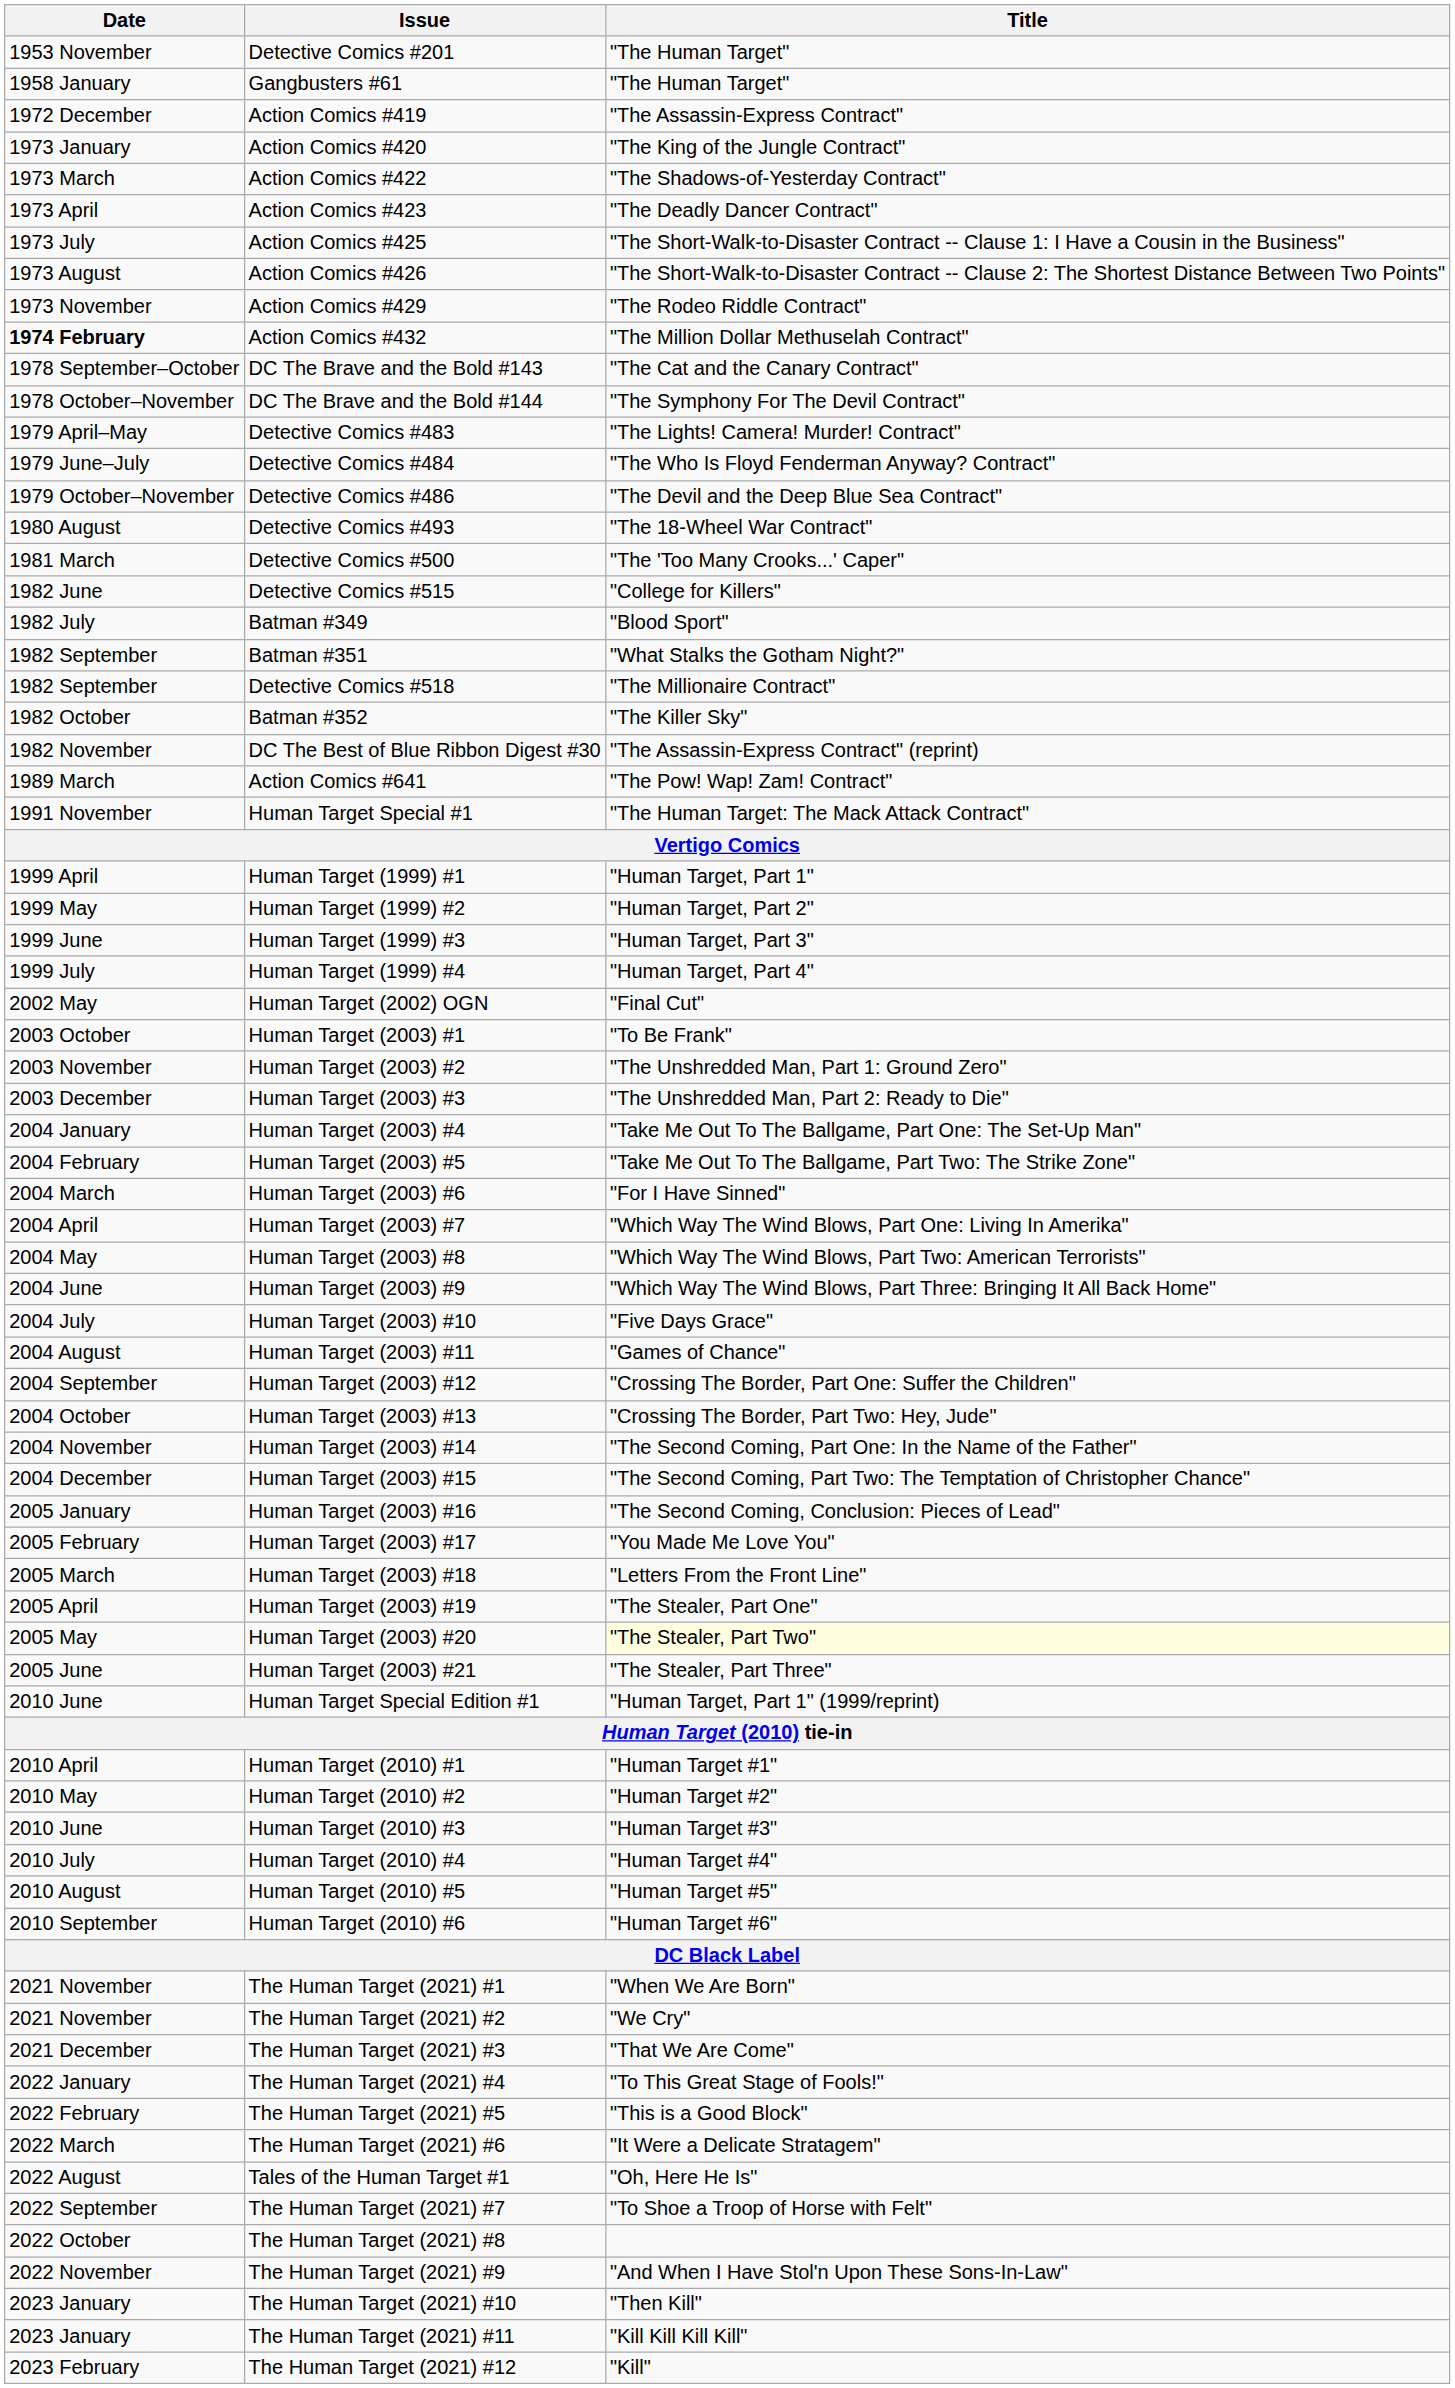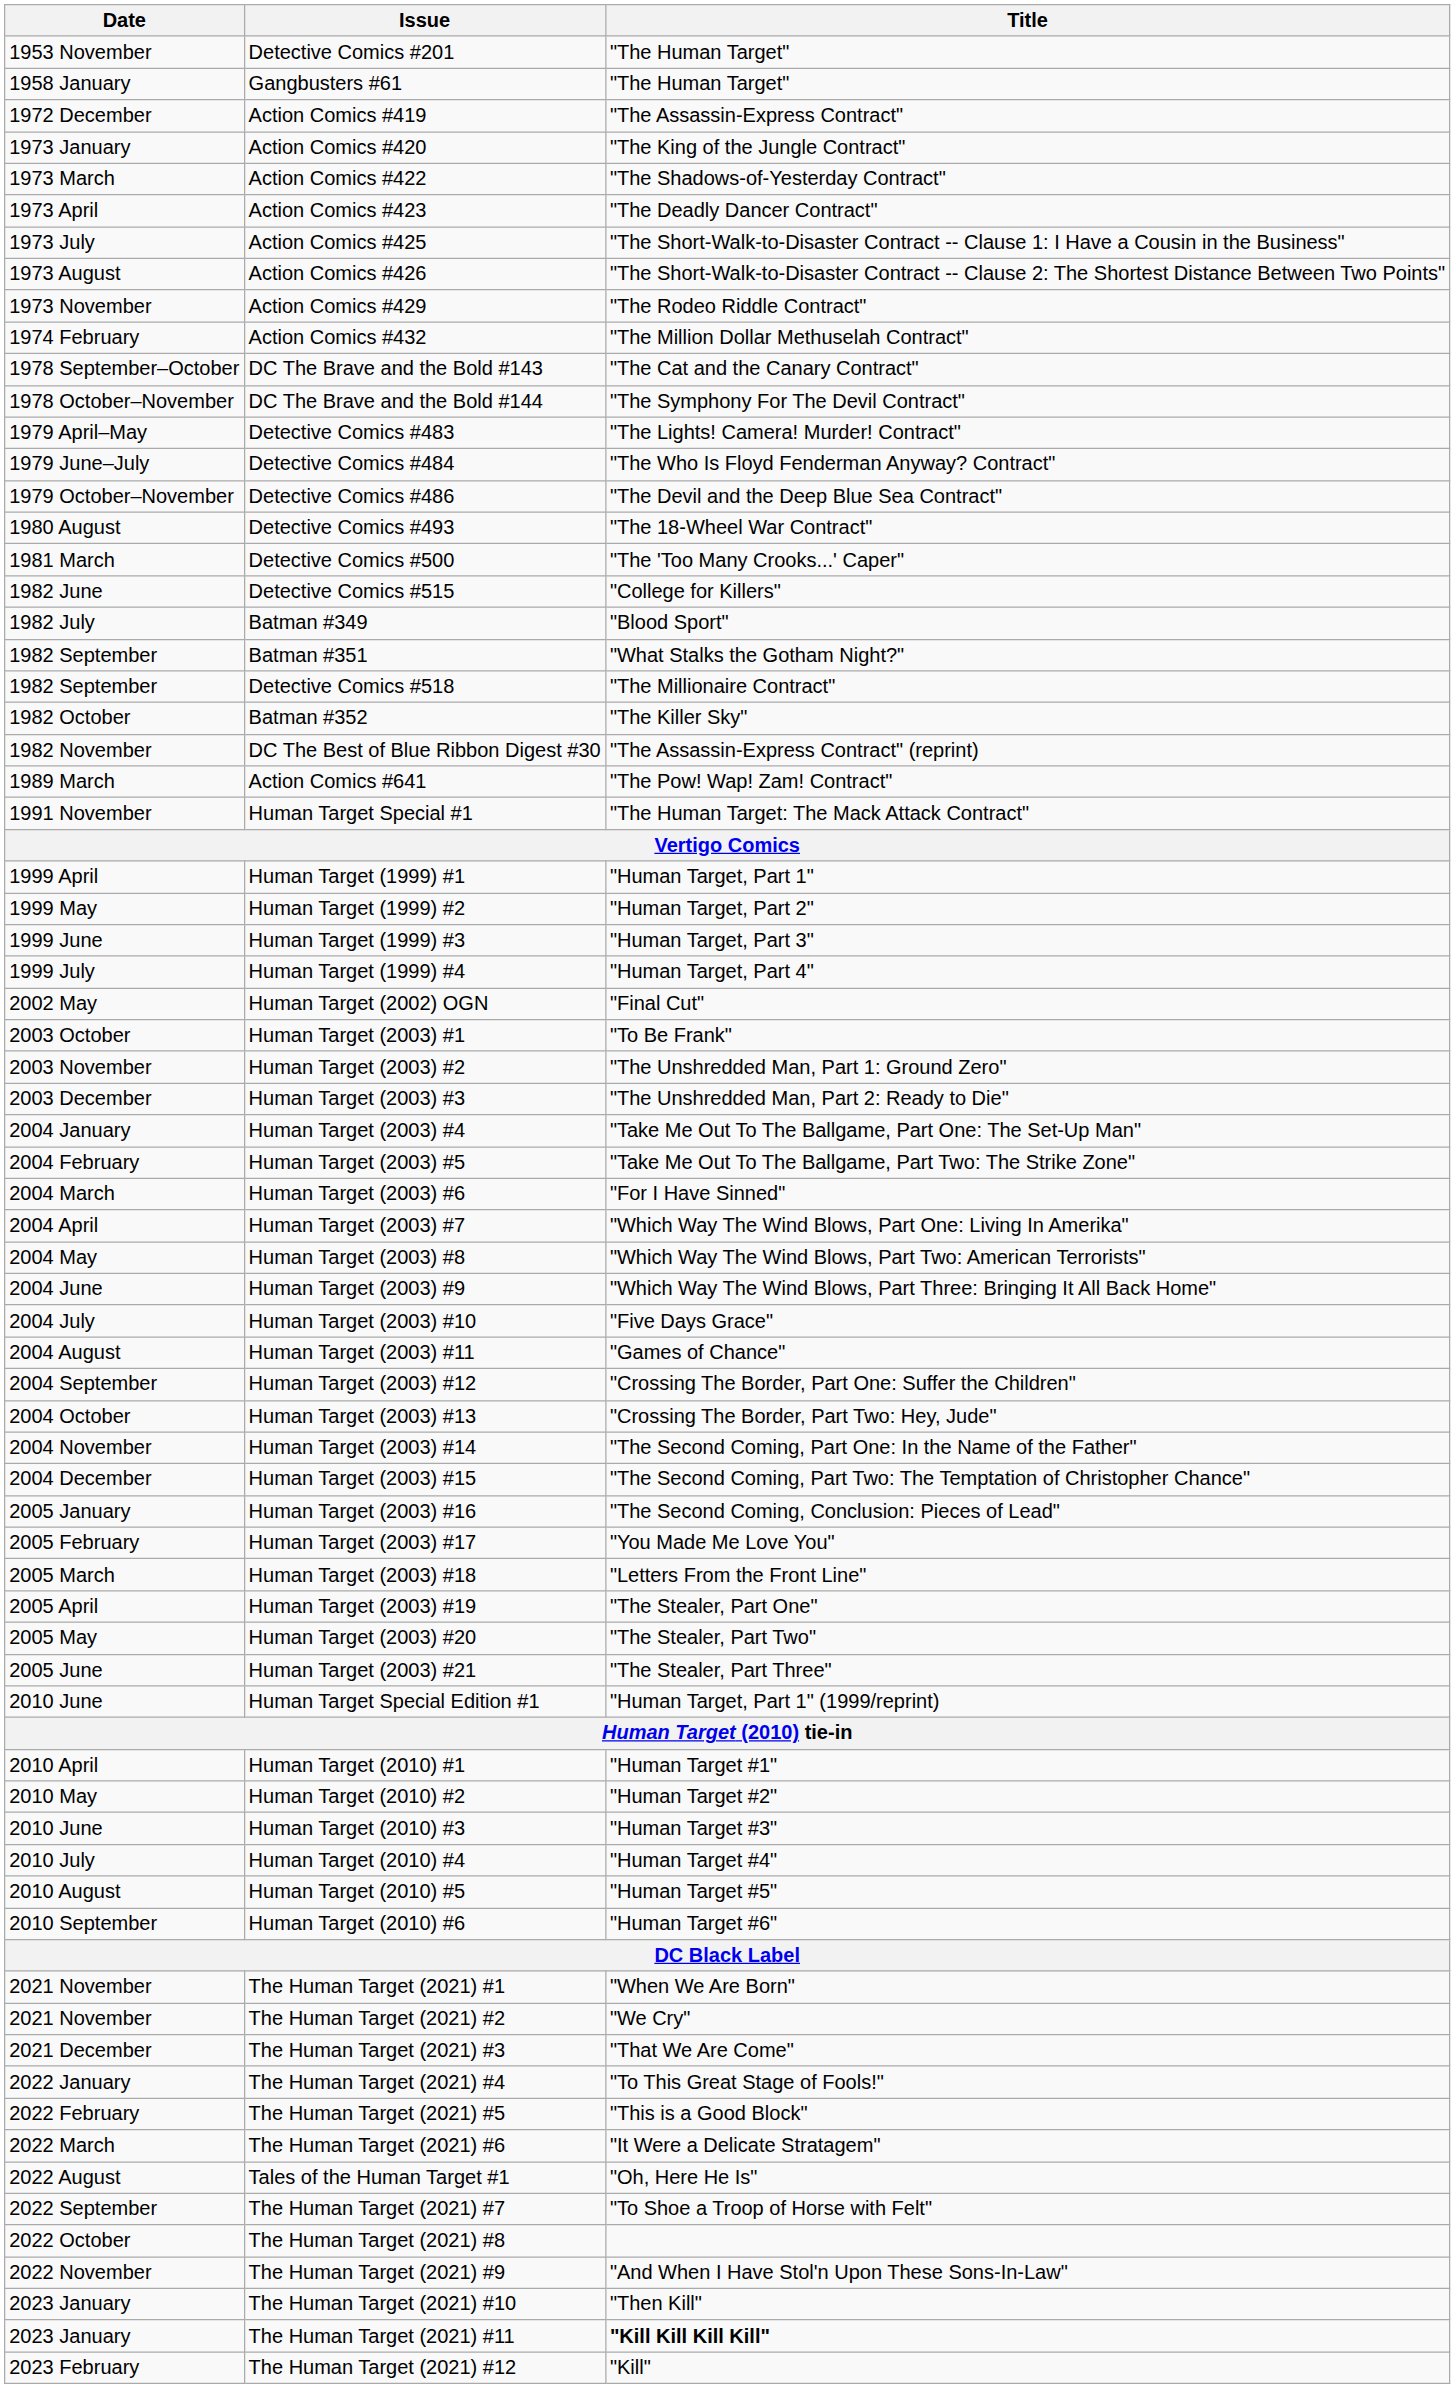 <table class="wikitable">
 <tr>
 <th>Date</th>
 <th>Issue</th>
 <th>Title</th>
 </tr>
 <tr>
 <td>1953 November</td>
 <td>Detective Comics #201</td>
 <td>"The Human Target"</td>
 </tr>
 <tr>
 <td>1958 January</td>
 <td>Gangbusters #61</td>
 <td>"The Human Target"</td>
 </tr>
 <tr>
 <td>1972 December</td>
 <td>Action Comics #419</td>
 <td>"The Assassin-Express Contract"</td>
 </tr>
 <tr>
 <td>1973 January</td>
 <td>Action Comics #420</td>
 <td>"The King of the Jungle Contract"</td>
 </tr>
 <tr>
 <td>1973 March</td>
 <td>Action Comics #422</td>
 <td>"The Shadows-of-Yesterday Contract"</td>
 </tr>
 <tr>
 <td>1973 April</td>
 <td>Action Comics #423</td>
 <td>"The Deadly Dancer Contract"</td>
 </tr>
 <tr>
 <td>1973 July</td>
 <td>Action Comics #425</td>
 <td>"The Short-Walk-to-Disaster Contract -- Clause 1: I Have a Cousin in the Business"</td>
 </tr>
 <tr>
 <td>1973 August</td>
 <td>Action Comics #426</td>
 <td>"The Short-Walk-to-Disaster Contract -- Clause 2: The Shortest Distance Between Two Points"</td>
 </tr>
 <tr>
 <td>1973 November</td>
 <td>Action Comics #429</td>
 <td>"The Rodeo Riddle Contract"</td>
 </tr>
 <tr>
-<td><strong>1974 February</strong></td>
+<td>1974 February</td>
 <td>Action Comics #432</td>
 <td>"The Million Dollar Methuselah Contract"</td>
 </tr>
 <tr>
 <td>1978 September–October</td>
 <td>DC The Brave and the Bold #143</td>
 <td>"The Cat and the Canary Contract"</td>
 </tr>
 <tr>
 <td>1978 October–November</td>
 <td>DC The Brave and the Bold #144</td>
 <td>"The Symphony For The Devil Contract"</td>
 </tr>
 <tr>
 <td>1979 April–May</td>
 <td>Detective Comics #483</td>
 <td>"The Lights! Camera! Murder! Contract"</td>
 </tr>
 <tr>
 <td>1979 June–July</td>
 <td>Detective Comics #484</td>
 <td>"The Who Is Floyd Fenderman Anyway? Contract"</td>
 </tr>
 <tr>
 <td>1979 October–November</td>
 <td>Detective Comics #486</td>
 <td>"The Devil and the Deep Blue Sea Contract"</td>
 </tr>
 <tr>
 <td>1980 August</td>
 <td>Detective Comics #493</td>
 <td>"The 18-Wheel War Contract"</td>
 </tr>
 <tr>
 <td>1981 March</td>
 <td>Detective Comics #500</td>
 <td>"The 'Too Many Crooks...' Caper"</td>
 </tr>
 <tr>
 <td>1982 June</td>
 <td>Detective Comics #515</td>
 <td>"College for Killers"</td>
 </tr>
 <tr>
 <td>1982 July</td>
 <td>Batman #349</td>
 <td>"Blood Sport"</td>
 </tr>
 <tr>
 <td>1982 September</td>
 <td>Batman #351</td>
 <td>"What Stalks the Gotham Night?"</td>
 </tr>
 <tr>
 <td>1982 September</td>
 <td>Detective Comics #518</td>
 <td>"The Millionaire Contract"</td>
 </tr>
 <tr>
 <td>1982 October</td>
 <td>Batman #352</td>
 <td>"The Killer Sky"</td>
 </tr>
 <tr>
 <td>1982 November</td>
 <td>DC The Best of Blue Ribbon Digest #30</td>
 <td>"The Assassin-Express Contract" (reprint)</td>
 </tr>
 <tr>
 <td>1989 March</td>
 <td>Action Comics #641</td>
 <td>"The Pow! Wap! Zam! Contract"</td>
 </tr>
 <tr>
 <td>1991 November</td>
 <td>Human Target Special #1</td>
 <td>"The Human Target: The Mack Attack Contract"</td>
 </tr>
 <tr>
 <th colspan="3"><a href='#'>Vertigo Comics</a></th>
 </tr>
 <tr>
 <td>1999 April</td>
 <td>Human Target (1999) #1</td>
 <td>"Human Target, Part 1"</td>
 </tr>
 <tr>
 <td>1999 May</td>
 <td>Human Target (1999) #2</td>
 <td>"Human Target, Part 2"</td>
 </tr>
 <tr>
 <td>1999 June</td>
 <td>Human Target (1999) #3</td>
 <td>"Human Target, Part 3"</td>
 </tr>
 <tr>
 <td>1999 July</td>
 <td>Human Target (1999) #4</td>
 <td>"Human Target, Part 4"</td>
 </tr>
 <tr>
 <td>2002 May</td>
 <td>Human Target (2002) OGN</td>
 <td>"Final Cut"</td>
 </tr>
 <tr>
 <td>2003 October</td>
 <td>Human Target (2003) #1</td>
 <td>"To Be Frank"</td>
 </tr>
 <tr>
 <td>2003 November</td>
 <td>Human Target (2003) #2</td>
 <td>"The Unshredded Man, Part 1: Ground Zero"</td>
 </tr>
 <tr>
 <td>2003 December</td>
 <td>Human Target (2003) #3</td>
 <td>"The Unshredded Man, Part 2: Ready to Die"</td>
 </tr>
 <tr>
 <td>2004 January</td>
 <td>Human Target (2003) #4</td>
 <td>"Take Me Out To The Ballgame, Part One: The Set-Up Man"</td>
 </tr>
 <tr>
 <td>2004 February</td>
 <td>Human Target (2003) #5</td>
 <td>"Take Me Out To The Ballgame, Part Two: The Strike Zone"</td>
 </tr>
 <tr>
 <td>2004 March</td>
 <td>Human Target (2003) #6</td>
 <td>"For I Have Sinned"</td>
 </tr>
 <tr>
 <td>2004 April</td>
 <td>Human Target (2003) #7</td>
 <td>"Which Way The Wind Blows, Part One: Living In Amerika"</td>
 </tr>
 <tr>
 <td>2004 May</td>
 <td>Human Target (2003) #8</td>
 <td>"Which Way The Wind Blows, Part Two: American Terrorists"</td>
 </tr>
 <tr>
 <td>2004 June</td>
 <td>Human Target (2003) #9</td>
 <td>"Which Way The Wind Blows, Part Three: Bringing It All Back Home"</td>
 </tr>
 <tr>
 <td>2004 July</td>
 <td>Human Target (2003) #10</td>
 <td>"Five Days Grace"</td>
 </tr>
 <tr>
 <td>2004 August</td>
 <td>Human Target (2003) #11</td>
 <td>"Games of Chance"</td>
 </tr>
 <tr>
 <td>2004 September</td>
 <td>Human Target (2003) #12</td>
 <td>"Crossing The Border, Part One: Suffer the Children"</td>
 </tr>
 <tr>
 <td>2004 October</td>
 <td>Human Target (2003) #13</td>
 <td>"Crossing The Border, Part Two: Hey, Jude"</td>
 </tr>
 <tr>
 <td>2004 November</td>
 <td>Human Target (2003) #14</td>
 <td>"The Second Coming, Part One: In the Name of the Father"</td>
 </tr>
 <tr>
 <td>2004 December</td>
 <td>Human Target (2003) #15</td>
 <td>"The Second Coming, Part Two: The Temptation of Christopher Chance"</td>
 </tr>
 <tr>
 <td>2005 January</td>
 <td>Human Target (2003) #16</td>
 <td>"The Second Coming, Conclusion: Pieces of Lead"</td>
 </tr>
 <tr>
 <td>2005 February</td>
 <td>Human Target (2003) #17</td>
 <td>"You Made Me Love You"</td>
 </tr>
 <tr>
 <td>2005 March</td>
 <td>Human Target (2003) #18</td>
 <td>"Letters From the Front Line"</td>
 </tr>
 <tr>
 <td>2005 April</td>
 <td>Human Target (2003) #19</td>
 <td>"The Stealer, Part One"</td>
 </tr>
 <tr>
 <td>2005 May</td>
 <td>Human Target (2003) #20</td>
-<td style="background: lightyellow;">"The Stealer, Part Two"</td>
+<td>"The Stealer, Part Two"</td>
 </tr>
 <tr>
 <td>2005 June</td>
 <td>Human Target (2003) #21</td>
 <td>"The Stealer, Part Three"</td>
 </tr>
 <tr>
 <td>2010 June</td>
 <td>Human Target Special Edition #1</td>
 <td>"Human Target, Part 1" (1999/reprint)</td>
 </tr>
 <tr>
 <th colspan="3"><a href='#'><em>Human Target</em> (2010)</a> tie-in</th>
 </tr>
 <tr>
 <td>2010 April</td>
 <td>Human Target (2010) #1</td>
 <td>"Human Target #1"</td>
 </tr>
 <tr>
 <td>2010 May</td>
 <td>Human Target (2010) #2</td>
 <td>"Human Target #2"</td>
 </tr>
 <tr>
 <td>2010 June</td>
 <td>Human Target (2010) #3</td>
 <td>"Human Target #3"</td>
 </tr>
 <tr>
 <td>2010 July</td>
 <td>Human Target (2010) #4</td>
 <td>"Human Target #4"</td>
 </tr>
 <tr>
 <td>2010 August</td>
 <td>Human Target (2010) #5</td>
 <td>"Human Target #5"</td>
 </tr>
 <tr>
 <td>2010 September</td>
 <td>Human Target (2010) #6</td>
 <td>"Human Target #6"</td>
 </tr>
 <tr>
 <th colspan="3"><a href='#'>DC Black Label</a></th>
 </tr>
 <tr>
 <td>2021 November</td>
 <td>The Human Target (2021) #1</td>
 <td>"When We Are Born"</td>
 </tr>
 <tr>
 <td>2021 November</td>
 <td>The Human Target (2021) #2</td>
 <td>"We Cry"</td>
 </tr>
 <tr>
 <td>2021 December</td>
 <td>The Human Target (2021) #3</td>
 <td>"That We Are Come"</td>
 </tr>
 <tr>
 <td>2022 January</td>
 <td>The Human Target (2021) #4</td>
 <td>"To This Great Stage of Fools!"</td>
 </tr>
 <tr>
 <td>2022 February</td>
 <td>The Human Target (2021) #5</td>
 <td>"This is a Good Block"</td>
 </tr>
 <tr>
 <td>2022 March</td>
 <td>The Human Target (2021) #6</td>
 <td>"It Were a Delicate Stratagem"</td>
 </tr>
 <tr>
 <td>2022 August</td>
 <td>Tales of the Human Target #1</td>
 <td>"Oh, Here He Is"</td>
 </tr>
 <tr>
 <td>2022 September</td>
 <td>The Human Target (2021) #7</td>
 <td>"To Shoe a Troop of Horse with Felt"</td>
 </tr>
 <tr>
 <td>2022 October</td>
 <td>The Human Target (2021) #8</td>
 <td></td>
 </tr>
 <tr>
 <td>2022 November</td>
 <td>The Human Target (2021) #9</td>
 <td>"And When I Have Stol'n Upon These Sons-In-Law"</td>
 </tr>
 <tr>
 <td>2023 January</td>
 <td>The Human Target (2021) #10</td>
 <td>"Then Kill"</td>
 </tr>
 <tr>
 <td>2023 January</td>
 <td>The Human Target (2021) #11</td>
-<td>"Kill Kill Kill Kill"</td>
+<td><strong>"Kill Kill Kill Kill"</strong></td>
 </tr>
 <tr>
 <td>2023 February</td>
 <td>The Human Target (2021) #12</td>
 <td>"Kill"</td>
 </tr>
 </table>
